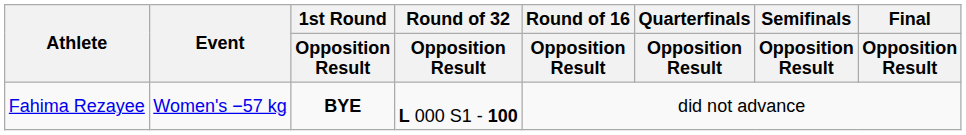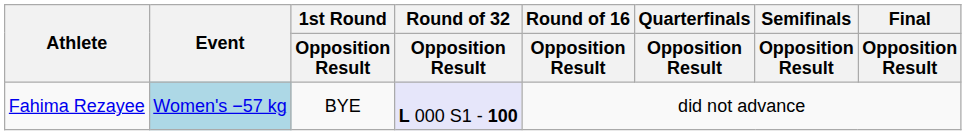 <table class="wikitable" style="font-size:90%">
 <tr>
 <th rowspan="2">Athlete</th>
 <th rowspan="2">Event</th>
 <th>1st Round</th>
 <th>Round of 32</th>
 <th>Round of 16</th>
 <th>Quarterfinals</th>
 <th>Semifinals</th>
 <th>Final</th>
 </tr>
 <tr>
 <th>Opposition<br>Result</th>
 <th>Opposition<br>Result</th>
 <th>Opposition<br>Result</th>
 <th>Opposition<br>Result</th>
 <th>Opposition<br>Result</th>
 <th>Opposition<br>Result</th>
 </tr>
 <tr>
 <td><a href='#'>Fahima Rezayee</a></td>
-<td><a href='#'>Women's −57 kg</a></td>
-<td align=center><strong>BYE</strong></td>
-<td align=center><br><strong>L</strong> 000 S1 - <strong>100</strong></td>
+<td style="background: lightblue;"><a href='#'>Women's −57 kg</a></td>
+<td align=center>BYE</td>
+<td align=center style="background: lavender;"><br><strong>L</strong> 000 S1 - <strong>100</strong></td>
 <td align=center colspan="7">did not advance</td>
 </tr>
 </table>
